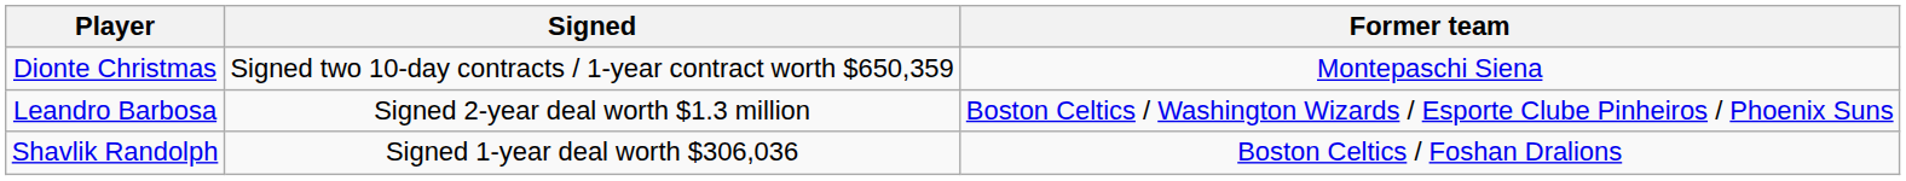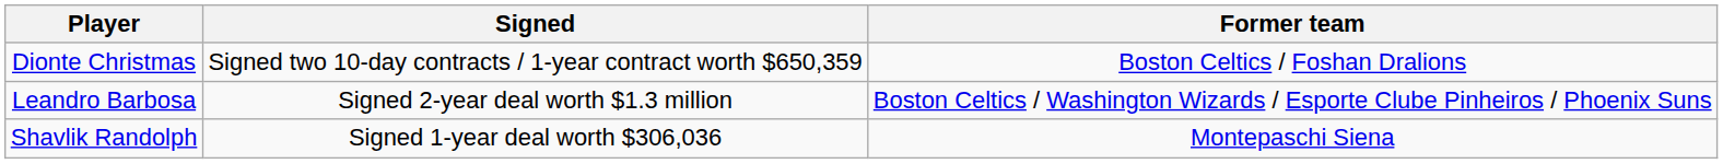 <table class="wikitable sortable sortable">
 <tr>
 <th>Player</th>
 <th>Signed</th>
 <th>Former team</th>
 </tr>
 <tr style="text-align: center">
 <td><a href='#'>Dionte Christmas</a></td>
 <td>Signed two 10-day contracts / 1-year contract worth $650,359</td>
-<td> <a href='#'>Montepaschi Siena</a></td>
+<td><a href='#'>Boston Celtics</a> /  <a href='#'>Foshan Dralions</a></td>
 </tr>
 <tr style="text-align: center">
 <td><a href='#'>Leandro Barbosa</a></td>
 <td>Signed 2-year deal worth $1.3 million</td>
 <td><a href='#'>Boston Celtics</a> / <a href='#'>Washington Wizards</a> /  <a href='#'>Esporte Clube Pinheiros</a> / <a href='#'>Phoenix Suns</a></td>
 </tr>
 <tr style="text-align: center">
 <td><a href='#'>Shavlik Randolph</a></td>
 <td>Signed 1-year deal worth $306,036</td>
-<td><a href='#'>Boston Celtics</a> /  <a href='#'>Foshan Dralions</a></td>
+<td> <a href='#'>Montepaschi Siena</a></td>
 </tr>
 </table>
